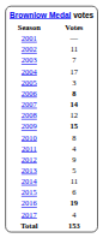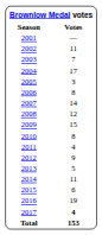 <table style="margin-right:4px; margin-top:8px; float:right; border:1px #000 solid; border-radius:8px; background:#fff; font-family:Verdana; font-size:8pt; text-align:center;">
 <tr style="background:#fff;">
 <td colspan="2;" style="padding:3px; margin-bottom:-3px; margin-top:2px; font-family:Arial; "><strong><a href='#'>Brownlow Medal</a> votes</strong></td>
 </tr>
 <tr>
 <th style="width:50%;">Season</th>
 <th style="width:50%;">Votes</th>
 </tr>
 <tr>
 <td><a href='#'>2001</a></td>
 <td>—</td>
 </tr>
 <tr>
 <td><a href='#'>2002</a></td>
 <td>11</td>
 </tr>
 <tr>
 <td><a href='#'>2003</a></td>
 <td>7</td>
 </tr>
 <tr>
 <td><a href='#'>2004</a></td>
 <td>17</td>
 </tr>
 <tr>
 <td><a href='#'>2005</a></td>
 <td>3</td>
 </tr>
 <tr>
 <td><a href='#'>2006</a></td>
-<td><strong>8</strong></td>
+<td>8</td>
 </tr>
 <tr>
 <td><a href='#'>2007</a></td>
-<td><strong>14</strong></td>
+<td>14</td>
 </tr>
 <tr>
 <td><a href='#'>2008</a></td>
 <td>12</td>
 </tr>
 <tr>
 <td><a href='#'>2009</a></td>
-<td><strong>15</strong></td>
+<td>15</td>
 </tr>
 <tr>
 <td><a href='#'>2010</a></td>
 <td>8</td>
 </tr>
 <tr>
 <td><a href='#'>2011</a></td>
 <td>4</td>
 </tr>
 <tr>
 <td><a href='#'>2012</a></td>
 <td>9</td>
 </tr>
 <tr>
 <td><a href='#'>2013</a></td>
 <td>5</td>
 </tr>
 <tr>
 <td><a href='#'>2014</a></td>
 <td>11</td>
 </tr>
 <tr>
 <td><a href='#'>2015</a></td>
 <td>6</td>
 </tr>
 <tr>
 <td><a href='#'>2016</a></td>
-<td><strong>19</strong></td>
+<td>19</td>
 </tr>
 <tr>
 <td><a href='#'>2017</a></td>
-<td>4</td>
+<td><strong>4</strong></td>
 </tr>
 <tr>
 <td><strong>Total</strong></td>
 <td><strong>153</strong></td>
 </tr>
 </table>
